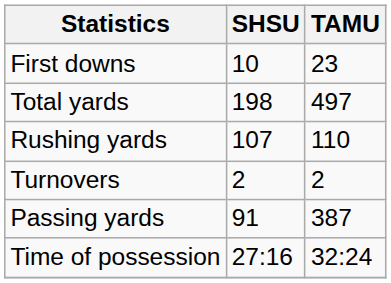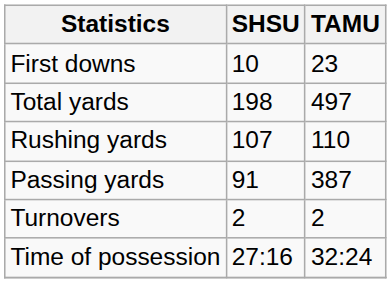 <table class="wikitable" style="float: left;">
 <tr>
 <th>Statistics</th>
 <th>SHSU</th>
 <th>TAMU</th>
 </tr>
 <tr>
 <td>First downs</td>
 <td>10</td>
 <td>23</td>
 </tr>
 <tr>
 <td>Total yards</td>
 <td>198</td>
 <td>497</td>
 </tr>
 <tr>
 <td>Rushing yards</td>
 <td>107</td>
 <td>110</td>
 </tr>
 <tr>
+<td>Passing yards</td>
+<td>91</td>
+<td>387</td>
+</tr>
+<tr>
 <td>Turnovers</td>
 <td>2</td>
 <td>2</td>
-</tr>
-<tr>
-<td>Passing yards</td>
-<td>91</td>
-<td>387</td>
 </tr>
 <tr>
 <td>Time of possession</td>
 <td>27:16</td>
 <td>32:24</td>
 </tr>
 <tr>
 </tr>
 </table>
